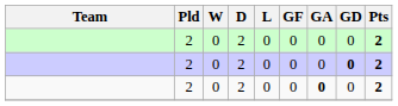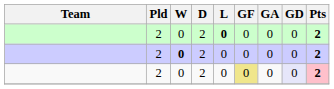 <table class="wikitable" style="text-align: center;">
 <tr>
 <th width=175>Team</th>
 <th width=20 abbr="Played">Pld</th>
 <th width=20 abbr="Won">W</th>
 <th width=20 abbr="Drawn">D</th>
 <th width=20 abbr="Lost">L</th>
 <th width=20 abbr="Goals for">GF</th>
 <th width=20 abbr="Goals against">GA</th>
 <th width=20 abbr="Goal difference">GD</th>
 <th width=20 abbr="Points">Pts</th>
 </tr>
 <tr bgcolor=#ccffcc>
 <td align=left></td>
 <td>2</td>
 <td>0</td>
 <td>2</td>
-<td>0</td>
+<td><strong>0</strong></td>
 <td>0</td>
 <td>0</td>
 <td>0</td>
 <td><strong>2</strong></td>
 </tr>
 <tr bgcolor=#ccccff>
 <td align=left></td>
 <td>2</td>
-<td>0</td>
+<td><strong>0</strong></td>
 <td>2</td>
 <td>0</td>
 <td>0</td>
 <td>0</td>
-<td><strong>0</strong></td>
+<td>0</td>
 <td><strong>2</strong></td>
 </tr>
 <tr>
 <td align=left></td>
 <td>2</td>
 <td>0</td>
 <td>2</td>
 <td>0</td>
+<td style="background: khaki;">0</td>
 <td>0</td>
-<td><strong>0</strong></td>
-<td>0</td>
-<td><strong>2</strong></td>
+<td style="background: lavender;">0</td>
+<td style="background: pink;"><strong>2</strong></td>
 </tr>
 <tr>
 </tr>
 </table>
